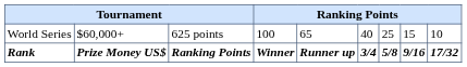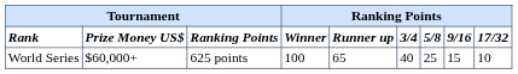 <table cellpadding="3" cellspacing="4" border="1" style="border:#435877 solid 1px; border-collapse: collapse;">
 <tr bgcolor="#d1e4fd">
 <th colspan=3>Tournament</th>
 <th colspan=6>Ranking Points</th>
+</tr>
+<tr>
+<td><strong><em>Rank</em></strong></td>
+<td><strong><em>Prize Money US$</em></strong></td>
+<td><strong><em>Ranking Points</em></strong></td>
+<td><strong><em>Winner</em></strong></td>
+<td><strong><em>Runner up</em></strong></td>
+<td><strong><em>3/4</em></strong></td>
+<td><strong><em>5/8</em></strong></td>
+<td><strong><em>9/16</em></strong></td>
+<td><strong><em>17/32</em></strong></td>
 </tr>
 <tr>
 <td>World Series</td>
 <td>$60,000+</td>
 <td>625 points</td>
 <td>100</td>
 <td>65</td>
 <td>40</td>
 <td>25</td>
 <td>15</td>
 <td>10</td>
 </tr>
-<tr>
-<td><strong><em>Rank</em></strong></td>
-<td><strong><em>Prize Money US$</em></strong></td>
-<td><strong><em>Ranking Points</em></strong></td>
-<td><strong><em>Winner</em></strong></td>
-<td><strong><em>Runner up</em></strong></td>
-<td><strong><em>3/4</em></strong></td>
-<td><strong><em>5/8</em></strong></td>
-<td><strong><em>9/16</em></strong></td>
-<td><strong><em>17/32</em></strong></td>
-</tr>
 </table>
